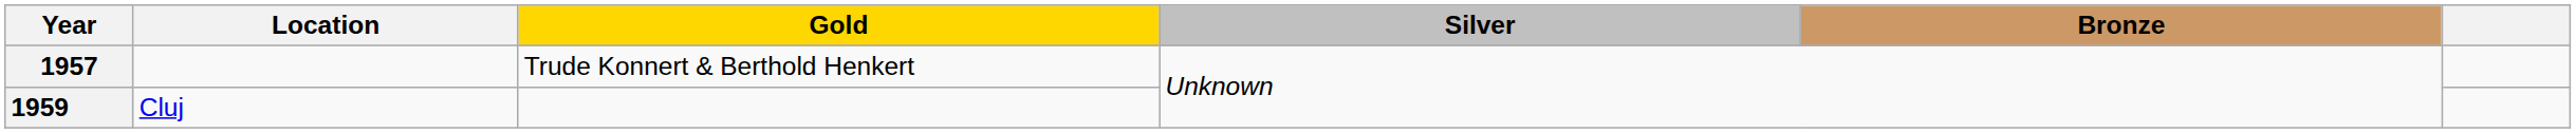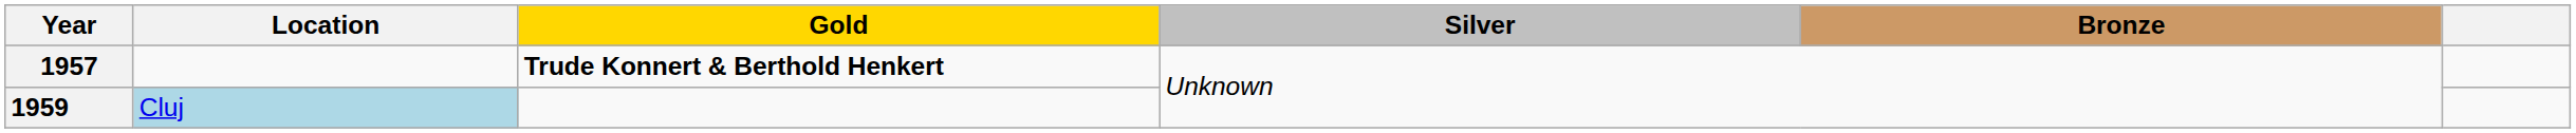 <table class="wikitable unsortable" style="text-align:left; width:80%">
 <tr>
 <th scope="col" style="text-align:center; width:5%">Year</th>
 <th scope="col" style="text-align:center; width:15%">Location</th>
 <th scope="col" style="text-align:center; width:25%; background:gold">Gold</th>
 <th scope="col" style="text-align:center; width:25%; background:silver">Silver</th>
 <th scope="col" style="text-align:center; width:25%; background:#c96">Bronze</th>
 <th scope="col" style="text-align:center; width:5%"></th>
 </tr>
 <tr>
 <th>1957</th>
 <td></td>
-<td>Trude Konnert & Berthold Henkert</td>
+<td><strong>Trude Konnert & Berthold Henkert</strong></td>
 <td colspan="2" rowspan="2"><em>Unknown</em></td>
 <td></td>
 </tr>
 <tr>
 <th scope="row" style="text-align:left">1959</th>
-<td><a href='#'>Cluj</a></td>
+<td style="background: lightblue;"><a href='#'>Cluj</a></td>
 <td></td>
 <td></td>
 </tr>
 </table>
